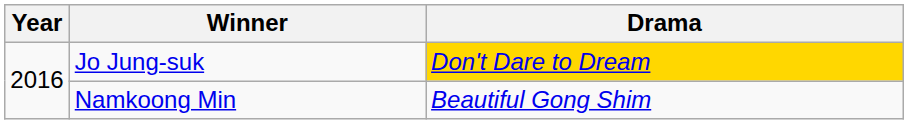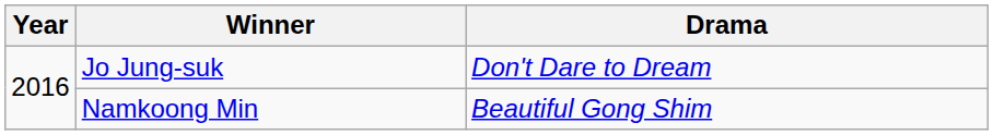 <table class="wikitable" style="width:600px">
 <tr>
 <th width=10>Year</th>
 <th>Winner</th>
 <th>Drama</th>
 </tr>
 <tr>
 <td rowspan=2>2016</td>
 <td><a href='#'>Jo Jung-suk</a></td>
-<td style="background: gold;"><em><a href='#'>Don't Dare to Dream</a></em></td>
+<td><em><a href='#'>Don't Dare to Dream</a></em></td>
 </tr>
 <tr>
 <td><a href='#'>Namkoong Min</a></td>
 <td><em><a href='#'>Beautiful Gong Shim</a></em></td>
 </tr>
 </table>
